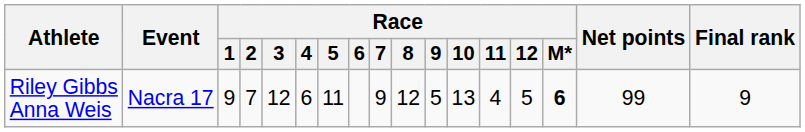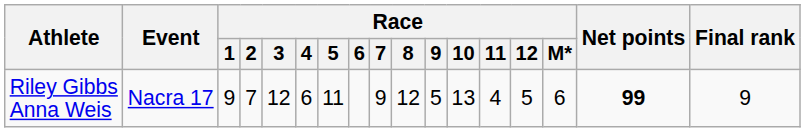 <table class=wikitable style=font-size:90%;text-align:center>
 <tr>
 <th rowspan=2>Athlete</th>
 <th rowspan=2>Event</th>
 <th colspan=13>Race</th>
 <th rowspan=2>Net points</th>
 <th rowspan=2>Final rank</th>
 </tr>
 <tr style=font-size:95%>
 <th>1</th>
 <th>2</th>
 <th>3</th>
 <th>4</th>
 <th>5</th>
 <th>6</th>
 <th>7</th>
 <th>8</th>
 <th>9</th>
 <th>10</th>
 <th>11</th>
 <th>12</th>
 <th>M*</th>
 </tr>
 <tr>
 <td align=left><a href='#'>Riley Gibbs</a><br><a href='#'>Anna Weis</a></td>
 <td align=left><a href='#'>Nacra 17</a></td>
 <td>9</td>
 <td>7</td>
 <td>12</td>
 <td>6</td>
 <td>11</td>
 <td></td>
 <td>9</td>
 <td>12</td>
 <td>5</td>
 <td>13</td>
 <td>4</td>
 <td>5</td>
-<td><strong>6</strong></td>
-<td>99</td>
+<td>6</td>
+<td><strong>99</strong></td>
 <td>9</td>
 </tr>
 </table>
